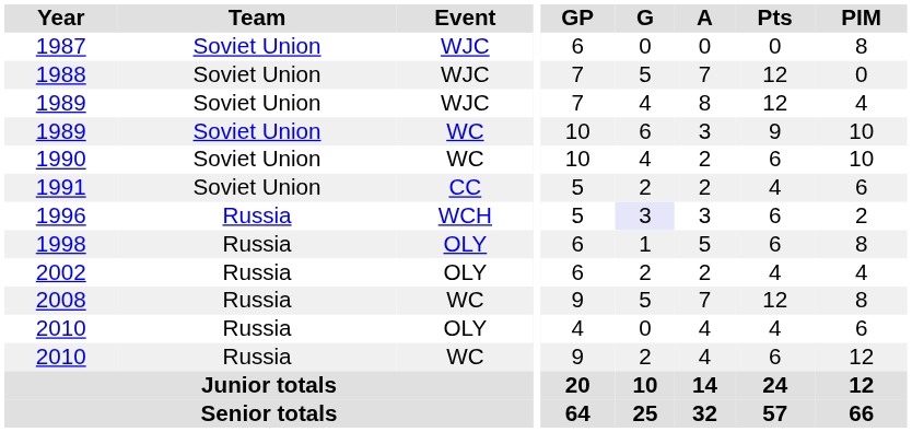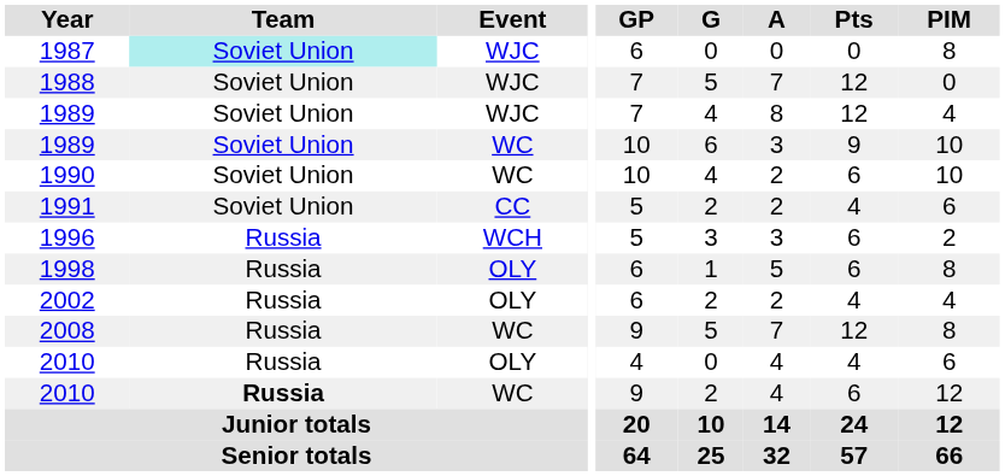 <table border="0" cellpadding="1" cellspacing="0" ID="Table3" style="text-align:center; width:40em">
 <tr bgcolor="#e0e0e0">
 <th>Year</th>
 <th>Team</th>
 <th>Event</th>
 <th rowspan="102" bgcolor="#ffffff"></th>
 <th>GP</th>
 <th>G</th>
 <th>A</th>
 <th>Pts</th>
 <th>PIM</th>
 </tr>
 <tr>
 <td><a href='#'>1987</a></td>
-<td><a href='#'>Soviet Union</a></td>
+<td style="background: paleturquoise;"><a href='#'>Soviet Union</a></td>
 <td><a href='#'>WJC</a></td>
 <td>6</td>
 <td>0</td>
 <td>0</td>
 <td>0</td>
 <td>8</td>
 </tr>
 <tr bgcolor="#f0f0f0">
 <td><a href='#'>1988</a></td>
 <td>Soviet Union</td>
 <td>WJC</td>
 <td>7</td>
 <td>5</td>
 <td>7</td>
 <td>12</td>
 <td>0</td>
 </tr>
 <tr>
 <td><a href='#'>1989</a></td>
 <td>Soviet Union</td>
 <td>WJC</td>
 <td>7</td>
 <td>4</td>
 <td>8</td>
 <td>12</td>
 <td>4</td>
 </tr>
 <tr bgcolor="#f0f0f0">
 <td><a href='#'>1989</a></td>
 <td><a href='#'>Soviet Union</a></td>
 <td><a href='#'>WC</a></td>
 <td>10</td>
 <td>6</td>
 <td>3</td>
 <td>9</td>
 <td>10</td>
 </tr>
 <tr>
 <td><a href='#'>1990</a></td>
 <td>Soviet Union</td>
 <td>WC</td>
 <td>10</td>
 <td>4</td>
 <td>2</td>
 <td>6</td>
 <td>10</td>
 </tr>
 <tr bgcolor="#f0f0f0">
 <td><a href='#'>1991</a></td>
 <td>Soviet Union</td>
 <td><a href='#'>CC</a></td>
 <td>5</td>
 <td>2</td>
 <td>2</td>
 <td>4</td>
 <td>6</td>
 </tr>
 <tr>
 <td><a href='#'>1996</a></td>
 <td><a href='#'>Russia</a></td>
 <td><a href='#'>WCH</a></td>
 <td>5</td>
-<td style="background: lavender;">3</td>
+<td>3</td>
 <td>3</td>
 <td>6</td>
 <td>2</td>
 </tr>
 <tr bgcolor="#f0f0f0">
 <td><a href='#'>1998</a></td>
 <td>Russia</td>
 <td><a href='#'>OLY</a></td>
 <td>6</td>
 <td>1</td>
 <td>5</td>
 <td>6</td>
 <td>8</td>
 </tr>
 <tr>
 <td><a href='#'>2002</a></td>
 <td>Russia</td>
 <td>OLY</td>
 <td>6</td>
 <td>2</td>
 <td>2</td>
 <td>4</td>
 <td>4</td>
 </tr>
 <tr bgcolor="#f0f0f0">
 <td><a href='#'>2008</a></td>
 <td>Russia</td>
 <td>WC</td>
 <td>9</td>
 <td>5</td>
 <td>7</td>
 <td>12</td>
 <td>8</td>
 </tr>
 <tr>
 <td><a href='#'>2010</a></td>
 <td>Russia</td>
 <td>OLY</td>
 <td>4</td>
 <td>0</td>
 <td>4</td>
 <td>4</td>
 <td>6</td>
 </tr>
 <tr bgcolor="#f0f0f0">
 <td><a href='#'>2010</a></td>
-<td>Russia</td>
+<td><strong>Russia</strong></td>
 <td>WC</td>
 <td>9</td>
 <td>2</td>
 <td>4</td>
 <td>6</td>
 <td>12</td>
 </tr>
 <tr bgcolor="#e0e0e0">
 <th colspan=3>Junior totals</th>
 <th>20</th>
 <th>10</th>
 <th>14</th>
 <th>24</th>
 <th>12</th>
 </tr>
 <tr bgcolor="#e0e0e0">
 <th colspan=3>Senior totals</th>
 <th>64</th>
 <th>25</th>
 <th>32</th>
 <th>57</th>
 <th>66</th>
 </tr>
 </table>
